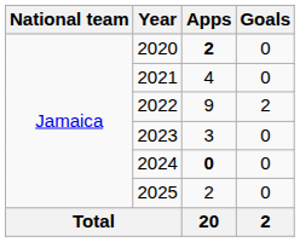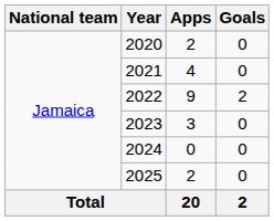 <table class=wikitable style=text-align:center>
 <tr>
 <th>National team</th>
 <th>Year</th>
 <th>Apps</th>
 <th>Goals</th>
 </tr>
 <tr>
 <td rowspan="6"><a href='#'>Jamaica</a></td>
 <td>2020</td>
-<td><strong>2</strong></td>
+<td>2</td>
 <td>0</td>
 </tr>
 <tr>
 <td>2021</td>
 <td>4</td>
 <td>0</td>
 </tr>
 <tr>
 <td>2022</td>
 <td>9</td>
 <td>2</td>
 </tr>
 <tr>
 <td>2023</td>
 <td>3</td>
 <td>0</td>
 </tr>
 <tr>
 <td>2024</td>
-<td><strong>0</strong></td>
+<td>0</td>
 <td>0</td>
 </tr>
 <tr>
 <td>2025</td>
 <td>2</td>
 <td>0</td>
 </tr>
 <tr>
 <th colspan="2">Total</th>
 <th>20</th>
 <th>2</th>
 </tr>
 </table>
